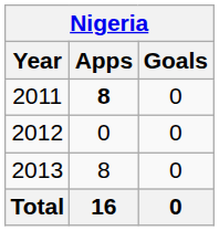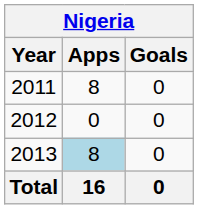 <table class="wikitable" style="text-align:center">
 <tr>
 <th colspan=3><a href='#'>Nigeria</a></th>
 </tr>
 <tr>
 <th>Year</th>
 <th>Apps</th>
 <th>Goals</th>
 </tr>
 <tr>
 <td>2011</td>
-<td><strong>8</strong></td>
+<td>8</td>
 <td>0</td>
 </tr>
 <tr>
 <td>2012</td>
 <td>0</td>
 <td>0</td>
 </tr>
 <tr>
 <td>2013</td>
-<td>8</td>
+<td style="background: lightblue;">8</td>
 <td>0</td>
 </tr>
 <tr>
 <th>Total</th>
 <th>16</th>
 <th>0</th>
 </tr>
 </table>
